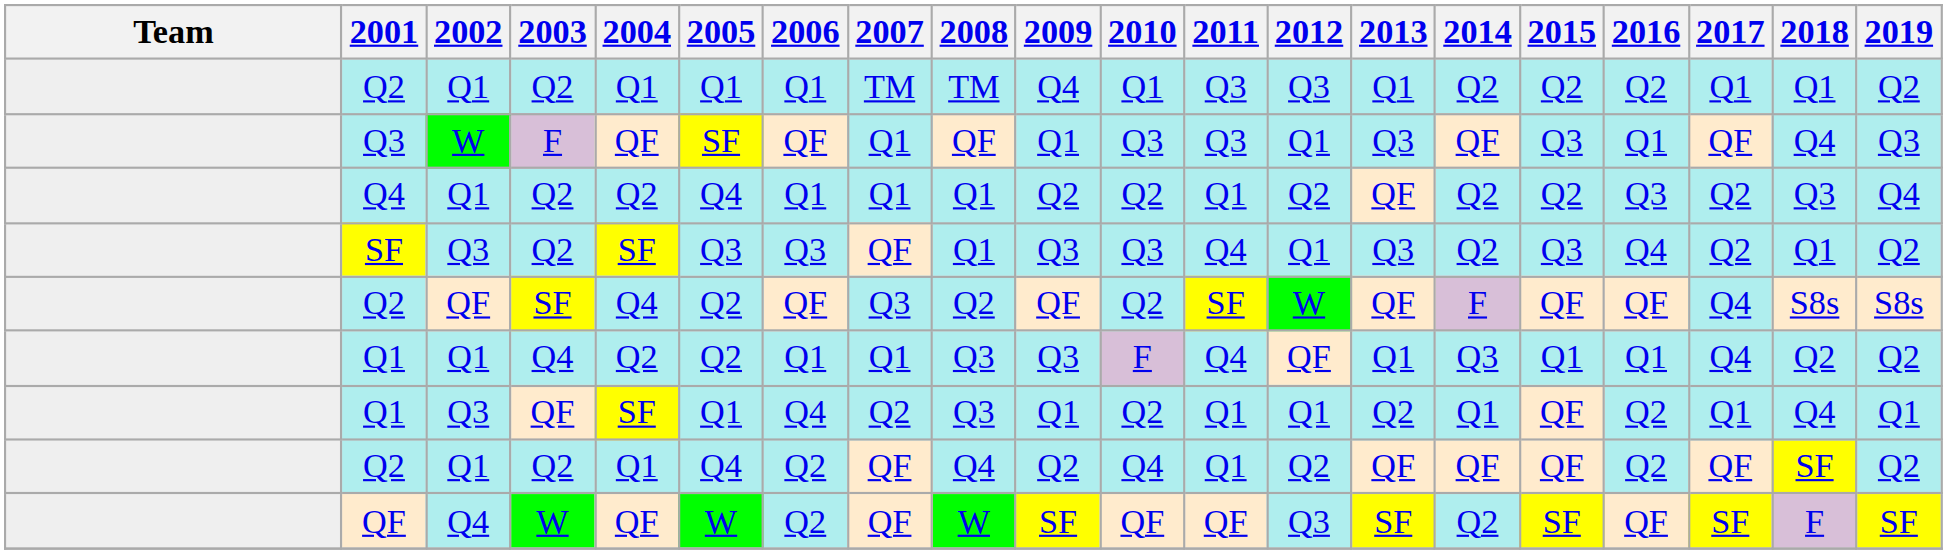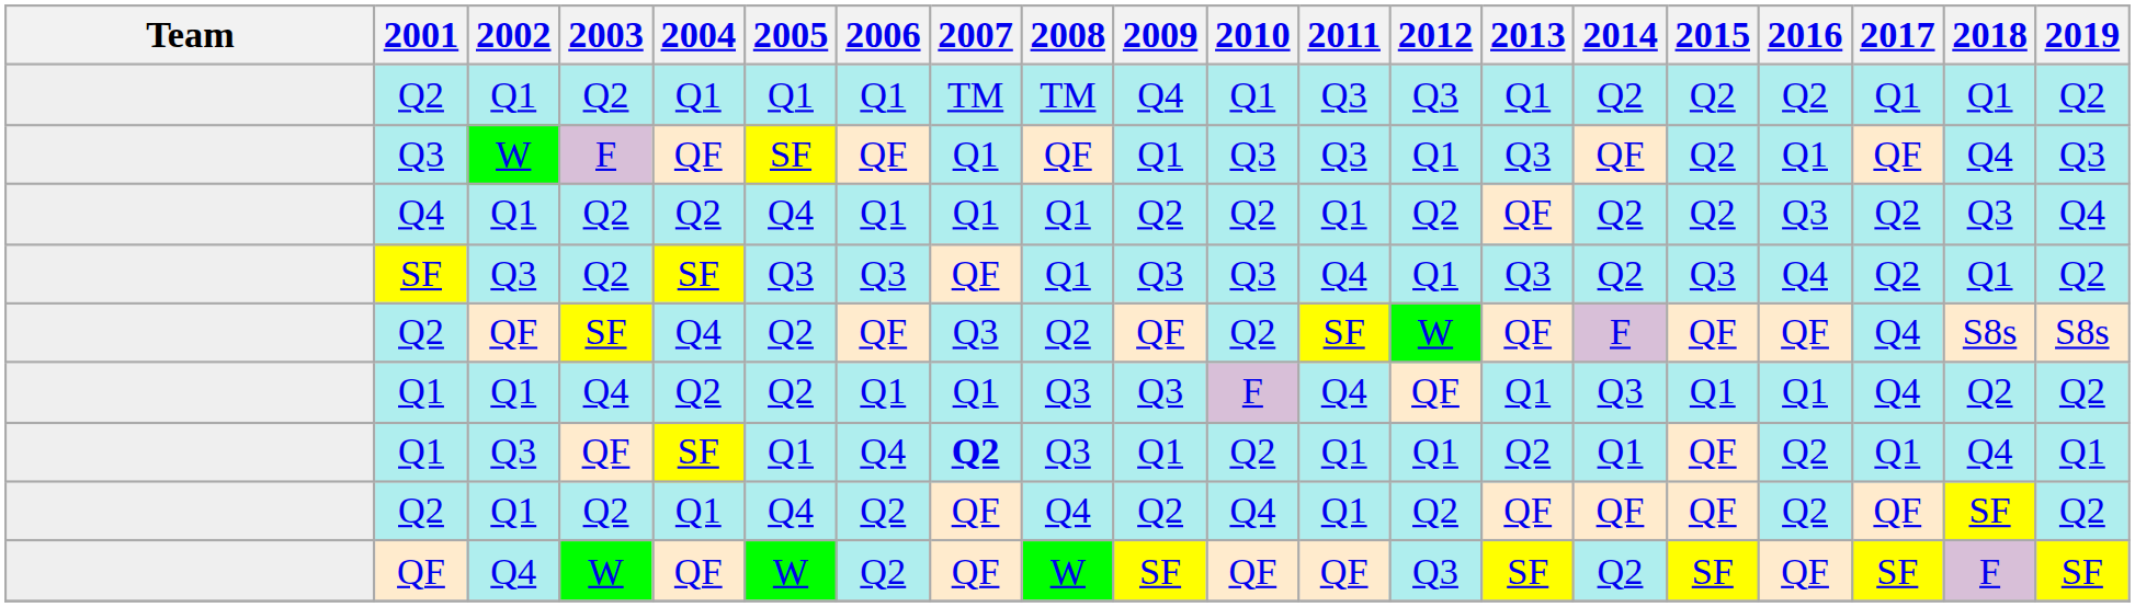 <table class=wikitable style=text-align:center>
 <tr>
 <th width=150>Team</th>
 <th><a href='#'>2001</a></th>
 <th><a href='#'>2002</a></th>
 <th><a href='#'>2003</a></th>
 <th><a href='#'>2004</a></th>
 <th><a href='#'>2005</a></th>
 <th><a href='#'>2006</a></th>
 <th><a href='#'>2007</a></th>
 <th><a href='#'>2008</a></th>
 <th><a href='#'>2009</a></th>
 <th><a href='#'>2010</a></th>
 <th><a href='#'>2011</a></th>
 <th><a href='#'>2012</a></th>
 <th><a href='#'>2013</a></th>
 <th><a href='#'>2014</a></th>
 <th><a href='#'>2015</a></th>
 <th><a href='#'>2016</a></th>
 <th><a href='#'>2017</a></th>
 <th><a href='#'>2018</a></th>
 <th><a href='#'>2019</a></th>
 </tr>
 <tr>
 <td style="background:#efefef; text-align:left;"></td>
 <td style="background:#afeeee;"><a href='#'>Q2</a></td>
 <td style="background:#afeeee;"><a href='#'>Q1</a></td>
 <td style="background:#afeeee;"><a href='#'>Q2</a></td>
 <td style="background:#afeeee;"><a href='#'>Q1</a></td>
 <td style="background:#afeeee;"><a href='#'>Q1</a></td>
 <td style="background:#afeeee;"><a href='#'>Q1</a></td>
 <td style="background:#afeeee;"><a href='#'>TM</a></td>
 <td style="background:#afeeee;"><a href='#'>TM</a></td>
 <td style="background:#afeeee;"><a href='#'>Q4</a></td>
 <td style="background:#afeeee;"><a href='#'>Q1</a></td>
 <td style="background:#afeeee;"><a href='#'>Q3</a></td>
 <td style="background:#afeeee;"><a href='#'>Q3</a></td>
 <td style="background:#afeeee;"><a href='#'>Q1</a></td>
 <td style="background:#afeeee;"><a href='#'>Q2</a></td>
 <td style="background:#afeeee;"><a href='#'>Q2</a></td>
 <td style="background:#afeeee;"><a href='#'>Q2</a></td>
 <td style="background:#afeeee;"><a href='#'>Q1</a></td>
 <td style="background:#afeeee;"><a href='#'>Q1</a></td>
 <td style="background:#afeeee;"><a href='#'>Q2</a></td>
 </tr>
 <tr>
 <td style="background:#efefef; text-align:left;"></td>
 <td style="background:#afeeee;"><a href='#'>Q3</a></td>
 <td bgcolor=lime><a href='#'>W</a></td>
 <td bgcolor=thistle><a href='#'>F</a></td>
 <td style="background:#ffebcd;"><a href='#'>QF</a></td>
 <td bgcolor=yellow><a href='#'>SF</a></td>
 <td style="background:#ffebcd;"><a href='#'>QF</a></td>
 <td style="background:#afeeee;"><a href='#'>Q1</a></td>
 <td style="background:#ffebcd;"><a href='#'>QF</a></td>
 <td style="background:#afeeee;"><a href='#'>Q1</a></td>
 <td style="background:#afeeee;"><a href='#'>Q3</a></td>
 <td style="background:#afeeee;"><a href='#'>Q3</a></td>
 <td style="background:#afeeee;"><a href='#'>Q1</a></td>
 <td style="background:#afeeee;"><a href='#'>Q3</a></td>
 <td style="background:#ffebcd;"><a href='#'>QF</a></td>
-<td style="background:#afeeee;"><a href='#'>Q3</a></td>
+<td style="background:#afeeee;"><a href='#'>Q2</a></td>
 <td style="background:#afeeee;"><a href='#'>Q1</a></td>
 <td style="background:#ffebcd;"><a href='#'>QF</a></td>
 <td style="background:#afeeee;"><a href='#'>Q4</a></td>
 <td style="background:#afeeee;"><a href='#'>Q3</a></td>
 </tr>
 <tr>
 <td style="background:#efefef; text-align:left;"></td>
 <td style="background:#afeeee;"><a href='#'>Q4</a></td>
 <td style="background:#afeeee;"><a href='#'>Q1</a></td>
 <td style="background:#afeeee;"><a href='#'>Q2</a></td>
 <td style="background:#afeeee;"><a href='#'>Q2</a></td>
 <td style="background:#afeeee;"><a href='#'>Q4</a></td>
 <td style="background:#afeeee;"><a href='#'>Q1</a></td>
 <td style="background:#afeeee;"><a href='#'>Q1</a></td>
 <td style="background:#afeeee;"><a href='#'>Q1</a></td>
 <td style="background:#afeeee;"><a href='#'>Q2</a></td>
 <td style="background:#afeeee;"><a href='#'>Q2</a></td>
 <td style="background:#afeeee;"><a href='#'>Q1</a></td>
 <td style="background:#afeeee;"><a href='#'>Q2</a></td>
 <td style="background:#ffebcd;"><a href='#'>QF</a></td>
 <td style="background:#afeeee;"><a href='#'>Q2</a></td>
 <td style="background:#afeeee;"><a href='#'>Q2</a></td>
 <td style="background:#afeeee;"><a href='#'>Q3</a></td>
 <td style="background:#afeeee;"><a href='#'>Q2</a></td>
 <td style="background:#afeeee;"><a href='#'>Q3</a></td>
 <td style="background:#afeeee;"><a href='#'>Q4</a></td>
 </tr>
 <tr>
 <td style="background:#efefef; text-align:left;"></td>
 <td bgcolor=yellow><a href='#'>SF</a></td>
 <td style="background:#afeeee;"><a href='#'>Q3</a></td>
 <td style="background:#afeeee;"><a href='#'>Q2</a></td>
 <td bgcolor=yellow><a href='#'>SF</a></td>
 <td style="background:#afeeee;"><a href='#'>Q3</a></td>
 <td style="background:#afeeee;"><a href='#'>Q3</a></td>
 <td style="background:#ffebcd;"><a href='#'>QF</a></td>
 <td style="background:#afeeee;"><a href='#'>Q1</a></td>
 <td style="background:#afeeee;"><a href='#'>Q3</a></td>
 <td style="background:#afeeee;"><a href='#'>Q3</a></td>
 <td style="background:#afeeee;"><a href='#'>Q4</a></td>
 <td style="background:#afeeee;"><a href='#'>Q1</a></td>
 <td style="background:#afeeee;"><a href='#'>Q3</a></td>
 <td style="background:#afeeee;"><a href='#'>Q2</a></td>
 <td style="background:#afeeee;"><a href='#'>Q3</a></td>
 <td style="background:#afeeee;"><a href='#'>Q4</a></td>
 <td style="background:#afeeee;"><a href='#'>Q2</a></td>
 <td style="background:#afeeee;"><a href='#'>Q1</a></td>
 <td style="background:#afeeee;"><a href='#'>Q2</a></td>
 </tr>
 <tr>
 <td style="background:#efefef; text-align:left;"></td>
 <td style="background:#afeeee;"><a href='#'>Q2</a></td>
 <td style="background:#ffebcd;"><a href='#'>QF</a></td>
 <td bgcolor=yellow><a href='#'>SF</a></td>
 <td style="background:#afeeee;"><a href='#'>Q4</a></td>
 <td style="background:#afeeee;"><a href='#'>Q2</a></td>
 <td style="background:#ffebcd;"><a href='#'>QF</a></td>
 <td style="background:#afeeee;"><a href='#'>Q3</a></td>
 <td style="background:#afeeee;"><a href='#'>Q2</a></td>
 <td style="background:#ffebcd;"><a href='#'>QF</a></td>
 <td style="background:#afeeee;"><a href='#'>Q2</a></td>
 <td bgcolor=yellow><a href='#'>SF</a></td>
 <td bgcolor=lime><a href='#'>W</a></td>
 <td style="background:#ffebcd;"><a href='#'>QF</a></td>
 <td bgcolor=thistle><a href='#'>F</a></td>
 <td style="background:#ffebcd;"><a href='#'>QF</a></td>
 <td style="background:#ffebcd;"><a href='#'>QF</a></td>
 <td style="background:#afeeee;"><a href='#'>Q4</a></td>
 <td style="background:#ffebcd;"><a href='#'>S8s</a></td>
 <td style="background:#ffebcd;"><a href='#'>S8s</a></td>
 </tr>
 <tr>
 <td style="background:#efefef; text-align:left;"></td>
 <td style="background:#afeeee;"><a href='#'>Q1</a></td>
 <td style="background:#afeeee;"><a href='#'>Q1</a></td>
 <td style="background:#afeeee;"><a href='#'>Q4</a></td>
 <td style="background:#afeeee;"><a href='#'>Q2</a></td>
 <td style="background:#afeeee;"><a href='#'>Q2</a></td>
 <td style="background:#afeeee;"><a href='#'>Q1</a></td>
 <td style="background:#afeeee;"><a href='#'>Q1</a></td>
 <td style="background:#afeeee;"><a href='#'>Q3</a></td>
 <td style="background:#afeeee;"><a href='#'>Q3</a></td>
 <td bgcolor=thistle><a href='#'>F</a></td>
 <td style="background:#afeeee;"><a href='#'>Q4</a></td>
 <td style="background:#ffebcd;"><a href='#'>QF</a></td>
 <td style="background:#afeeee;"><a href='#'>Q1</a></td>
 <td style="background:#afeeee;"><a href='#'>Q3</a></td>
 <td style="background:#afeeee;"><a href='#'>Q1</a></td>
 <td style="background:#afeeee;"><a href='#'>Q1</a></td>
 <td style="background:#afeeee;"><a href='#'>Q4</a></td>
 <td style="background:#afeeee;"><a href='#'>Q2</a></td>
 <td style="background:#afeeee;"><a href='#'>Q2</a></td>
 </tr>
 <tr>
 <td style="background:#efefef; text-align:left;"></td>
 <td style="background:#afeeee;"><a href='#'>Q1</a></td>
 <td style="background:#afeeee;"><a href='#'>Q3</a></td>
 <td style="background:#ffebcd;"><a href='#'>QF</a></td>
 <td bgcolor=yellow><a href='#'>SF</a></td>
 <td style="background:#afeeee;"><a href='#'>Q1</a></td>
 <td style="background:#afeeee;"><a href='#'>Q4</a></td>
-<td style="background:#afeeee;"><a href='#'>Q2</a></td>
+<td style="background:#afeeee;"><strong><a href='#'>Q2</a></strong></td>
 <td style="background:#afeeee;"><a href='#'>Q3</a></td>
 <td style="background:#afeeee;"><a href='#'>Q1</a></td>
 <td style="background:#afeeee;"><a href='#'>Q2</a></td>
 <td style="background:#afeeee;"><a href='#'>Q1</a></td>
 <td style="background:#afeeee;"><a href='#'>Q1</a></td>
 <td style="background:#afeeee;"><a href='#'>Q2</a></td>
 <td style="background:#afeeee;"><a href='#'>Q1</a></td>
 <td style="background:#ffebcd;"><a href='#'>QF</a></td>
 <td style="background:#afeeee;"><a href='#'>Q2</a></td>
 <td style="background:#afeeee;"><a href='#'>Q1</a></td>
 <td style="background:#afeeee;"><a href='#'>Q4</a></td>
 <td style="background:#afeeee;"><a href='#'>Q1</a></td>
 </tr>
 <tr>
 <td style="background:#efefef; text-align:left;"></td>
 <td style="background:#afeeee;"><a href='#'>Q2</a></td>
 <td style="background:#afeeee;"><a href='#'>Q1</a></td>
 <td style="background:#afeeee;"><a href='#'>Q2</a></td>
 <td style="background:#afeeee;"><a href='#'>Q1</a></td>
 <td style="background:#afeeee;"><a href='#'>Q4</a></td>
 <td style="background:#afeeee;"><a href='#'>Q2</a></td>
 <td style="background:#ffebcd;"><a href='#'>QF</a></td>
 <td style="background:#afeeee;"><a href='#'>Q4</a></td>
 <td style="background:#afeeee;"><a href='#'>Q2</a></td>
 <td style="background:#afeeee;"><a href='#'>Q4</a></td>
 <td style="background:#afeeee;"><a href='#'>Q1</a></td>
 <td style="background:#afeeee;"><a href='#'>Q2</a></td>
 <td style="background:#ffebcd;"><a href='#'>QF</a></td>
 <td style="background:#ffebcd;"><a href='#'>QF</a></td>
 <td style="background:#ffebcd;"><a href='#'>QF</a></td>
 <td style="background:#afeeee;"><a href='#'>Q2</a></td>
 <td style="background:#ffebcd;"><a href='#'>QF</a></td>
 <td bgcolor=yellow><a href='#'>SF</a></td>
 <td style="background:#afeeee;"><a href='#'>Q2</a></td>
 </tr>
 <tr>
 <td style="background:#efefef; text-align:left;"></td>
 <td style="background:#ffebcd;"><a href='#'>QF</a></td>
 <td style="background:#afeeee;"><a href='#'>Q4</a></td>
 <td bgcolor=lime><a href='#'>W</a></td>
 <td style="background:#ffebcd;"><a href='#'>QF</a></td>
 <td bgcolor=lime><a href='#'>W</a></td>
 <td style="background:#afeeee;"><a href='#'>Q2</a></td>
 <td style="background:#ffebcd;"><a href='#'>QF</a></td>
 <td bgcolor=lime><a href='#'>W</a></td>
 <td bgcolor=yellow><a href='#'>SF</a></td>
 <td style="background:#ffebcd;"><a href='#'>QF</a></td>
 <td style="background:#ffebcd;"><a href='#'>QF</a></td>
 <td style="background:#afeeee;"><a href='#'>Q3</a></td>
 <td bgcolor=yellow><a href='#'>SF</a></td>
 <td style="background:#afeeee;"><a href='#'>Q2</a></td>
 <td bgcolor=yellow><a href='#'>SF</a></td>
 <td style="background:#ffebcd;"><a href='#'>QF</a></td>
 <td bgcolor=yellow><a href='#'>SF</a></td>
 <td bgcolor=thistle><a href='#'>F</a></td>
 <td bgcolor=yellow><a href='#'>SF</a></td>
 </tr>
 <tr>
 </tr>
 </table>
